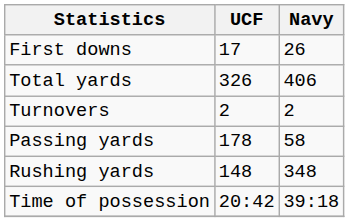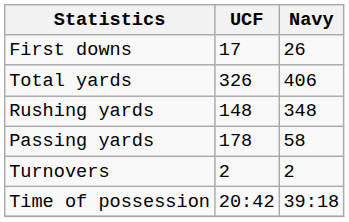 <table class="wikitable">
 <tr>
 <th>Statistics</th>
 <th>UCF</th>
 <th>Navy</th>
 </tr>
 <tr>
 <td>First downs</td>
 <td>17</td>
 <td>26</td>
 </tr>
 <tr>
 <td>Total yards</td>
 <td>326</td>
 <td>406</td>
 </tr>
 <tr>
-<td>Turnovers</td>
-<td>2</td>
-<td>2</td>
+<td>Rushing yards</td>
+<td>148</td>
+<td>348</td>
 </tr>
 <tr>
 <td>Passing yards</td>
 <td>178</td>
 <td>58</td>
 </tr>
 <tr>
-<td>Rushing yards</td>
-<td>148</td>
-<td>348</td>
+<td>Turnovers</td>
+<td>2</td>
+<td>2</td>
 </tr>
 <tr>
 <td>Time of possession</td>
 <td>20:42</td>
 <td>39:18</td>
 </tr>
 <tr>
 </tr>
 </table>
